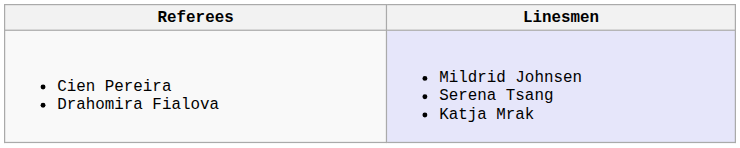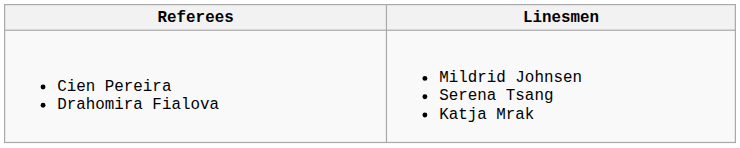 <table class="wikitable" width=600px>
 <tr>
 <th>Referees</th>
 <th>Linesmen</th>
 </tr>
 <tr>
 <td><br><ul><li> Cien Pereira</li><li> Drahomira Fialova</li></ul></td>
-<td style="background: lavender;"><br><ul><li> Mildrid Johnsen</li><li> Serena Tsang</li><li> Katja Mrak</li></ul></td>
+<td><br><ul><li> Mildrid Johnsen</li><li> Serena Tsang</li><li> Katja Mrak</li></ul></td>
 </tr>
 </table>
